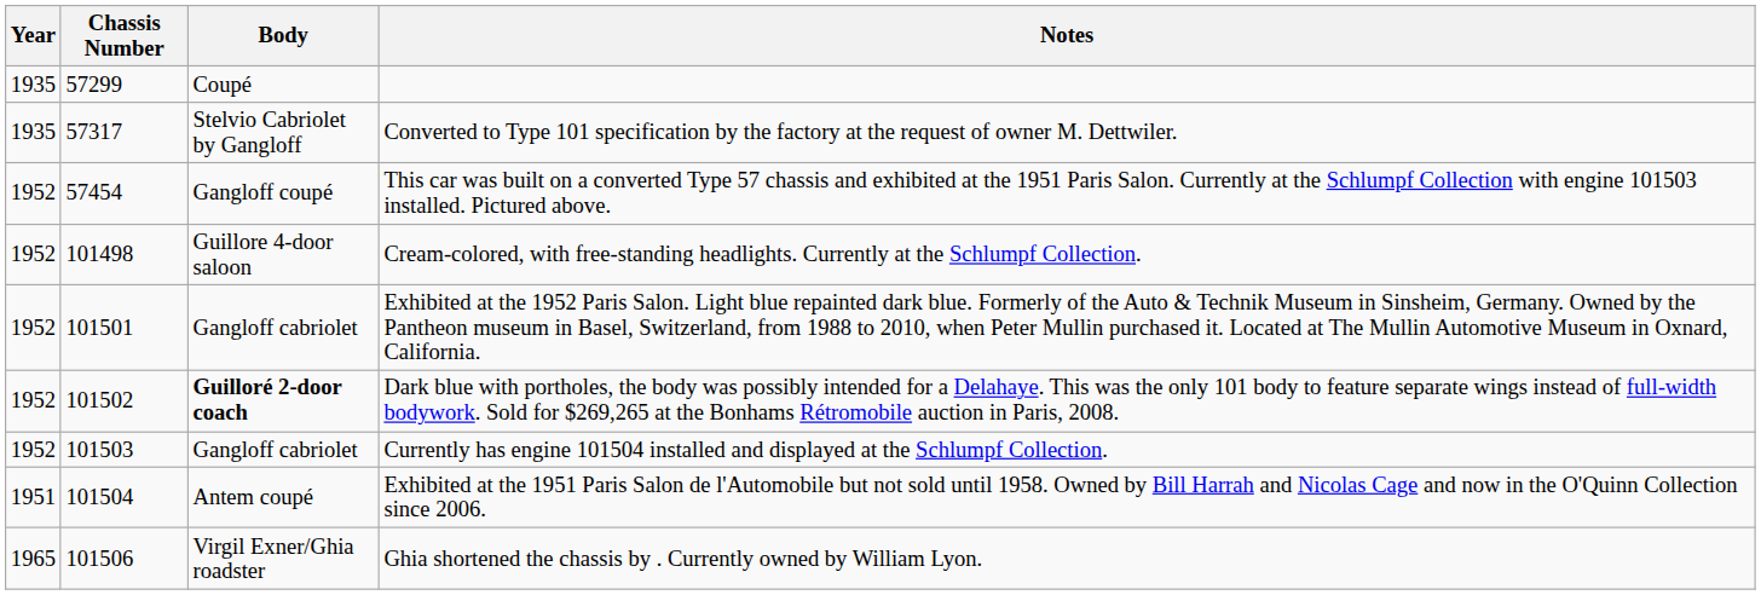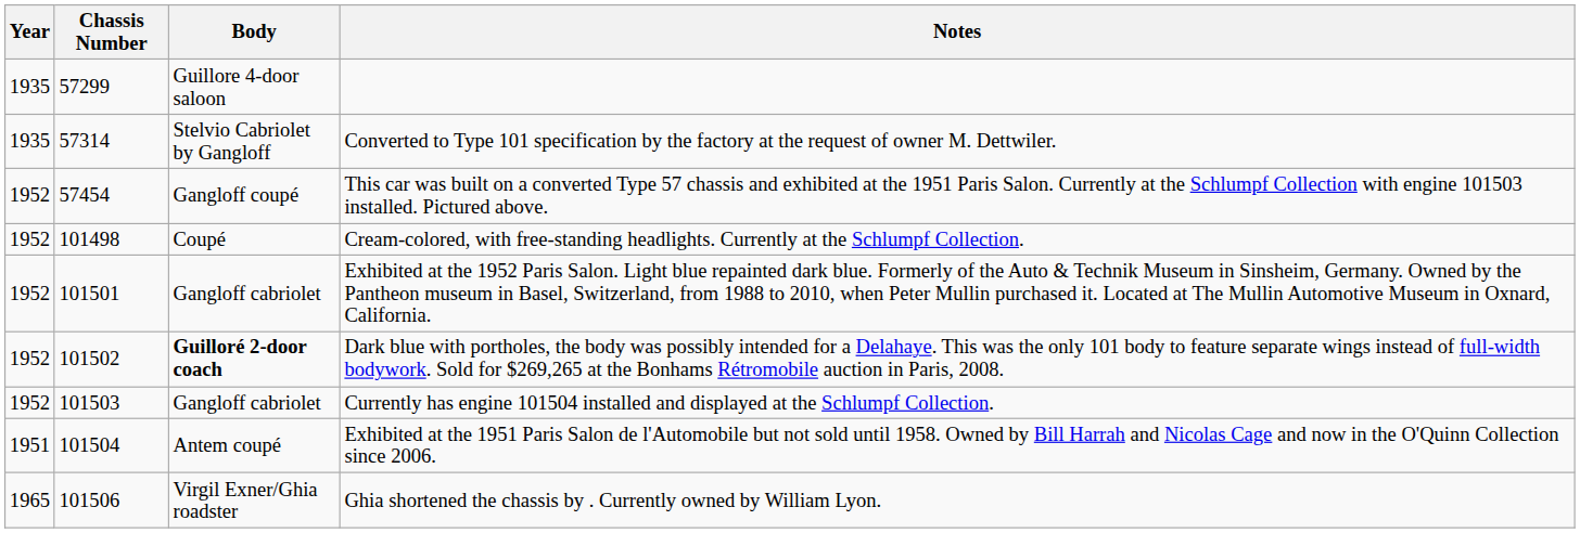 <table class="wikitable">
 <tr>
 <th>Year</th>
 <th>Chassis Number</th>
 <th>Body</th>
 <th>Notes</th>
 </tr>
 <tr>
 <td>1935</td>
 <td>57299</td>
-<td>Coupé</td>
+<td>Guillore 4-door saloon</td>
 <td></td>
 </tr>
 <tr>
 <td>1935</td>
-<td>57317</td>
+<td>57314</td>
 <td>Stelvio Cabriolet by Gangloff</td>
 <td>Converted to Type 101 specification by the factory at the request of owner M. Dettwiler.</td>
 </tr>
 <tr>
 <td>1952</td>
 <td>57454</td>
 <td>Gangloff coupé</td>
 <td>This car was built on a converted Type 57 chassis and exhibited at the 1951 Paris Salon. Currently at the <a href='#'>Schlumpf Collection</a> with engine 101503 installed. Pictured above.</td>
 </tr>
 <tr>
 <td>1952</td>
 <td>101498</td>
-<td>Guillore 4-door saloon</td>
+<td>Coupé</td>
 <td>Cream-colored, with free-standing headlights. Currently at the <a href='#'>Schlumpf Collection</a>.</td>
 </tr>
 <tr>
 <td>1952</td>
 <td>101501</td>
 <td>Gangloff cabriolet</td>
 <td>Exhibited at the 1952 Paris Salon. Light blue repainted dark blue. Formerly of the Auto & Technik Museum in Sinsheim, Germany. Owned by the Pantheon museum in Basel, Switzerland, from 1988 to 2010, when Peter Mullin purchased it. Located at The Mullin Automotive Museum in Oxnard, California.</td>
 </tr>
 <tr>
 <td>1952</td>
 <td>101502</td>
 <td><strong>Guilloré 2-door coach</strong></td>
 <td>Dark blue with portholes, the body was possibly intended for a <a href='#'>Delahaye</a>. This was the only 101 body to feature separate wings instead of <a href='#'>full-width bodywork</a>. Sold for $269,265 at the Bonhams <a href='#'>Rétromobile</a> auction in Paris, 2008.</td>
 </tr>
 <tr>
 <td>1952</td>
 <td>101503</td>
 <td>Gangloff cabriolet</td>
 <td>Currently has engine 101504 installed and displayed at the <a href='#'>Schlumpf Collection</a>.</td>
 </tr>
 <tr>
 <td>1951</td>
 <td>101504</td>
 <td>Antem coupé</td>
 <td>Exhibited at the 1951 Paris Salon de l'Automobile but not sold until 1958. Owned by <a href='#'>Bill Harrah</a> and <a href='#'>Nicolas Cage</a> and now in the O'Quinn Collection since 2006.</td>
 </tr>
 <tr>
 <td>1965</td>
 <td>101506</td>
 <td>Virgil Exner/Ghia roadster</td>
 <td>Ghia shortened the chassis by . Currently owned by William Lyon.</td>
 </tr>
 </table>
